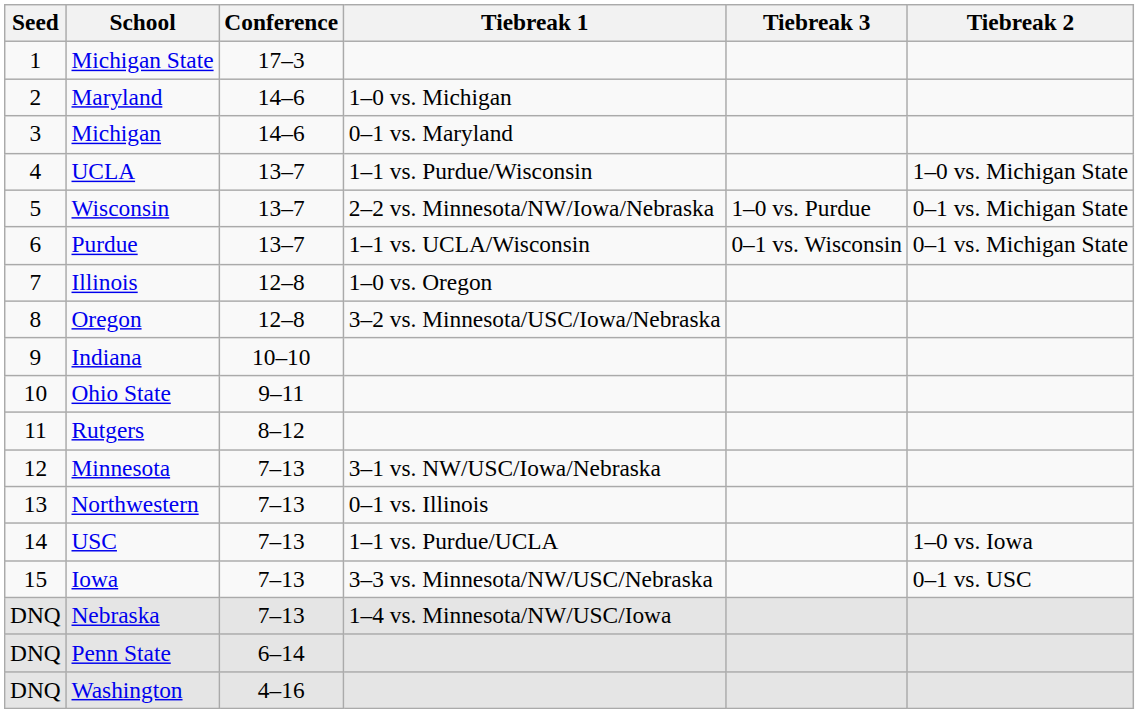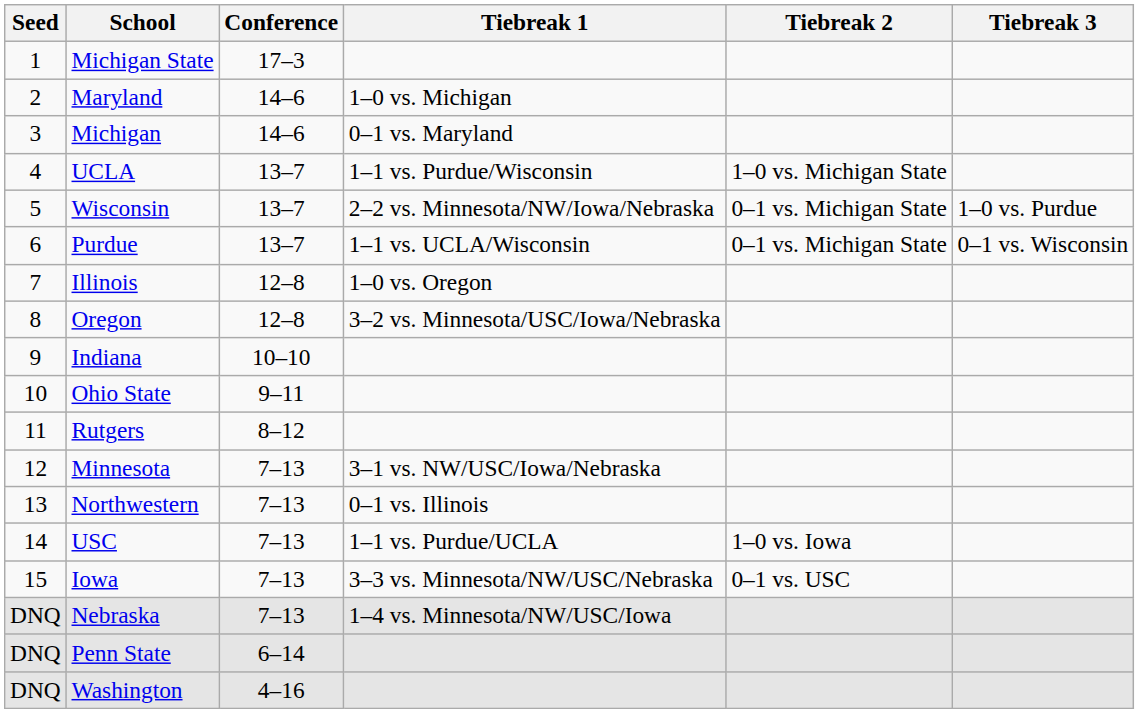 <table class="wikitable">
 <tr>
 <th>Seed</th>
 <th>School</th>
 <th>Conference</th>
 <th>Tiebreak 1</th>
+<th>Tiebreak 2</th>
 <th>Tiebreak 3</th>
-<th>Tiebreak 2</th>
 </tr>
 <tr>
 <td align=center>1</td>
 <td><a href='#'>Michigan State</a></td>
 <td align=center>17–3</td>
 <td></td>
 <td></td>
 <td></td>
 </tr>
 <tr>
 <td align=center>2</td>
 <td><a href='#'>Maryland</a></td>
 <td align=center>14–6</td>
 <td>1–0 vs. Michigan</td>
 <td></td>
 <td></td>
 </tr>
 <tr>
 <td align=center>3</td>
 <td><a href='#'>Michigan</a></td>
 <td align=center>14–6</td>
 <td>0–1 vs. Maryland</td>
 <td></td>
 <td></td>
 </tr>
 <tr>
 <td align=center>4</td>
 <td><a href='#'>UCLA</a></td>
 <td align=center>13–7</td>
 <td>1–1 vs. Purdue/Wisconsin</td>
+<td>1–0 vs. Michigan State</td>
 <td></td>
-<td>1–0 vs. Michigan State</td>
 </tr>
 <tr>
 <td align=center>5</td>
 <td><a href='#'>Wisconsin</a></td>
 <td align=center>13–7</td>
 <td>2–2 vs. Minnesota/NW/Iowa/Nebraska</td>
+<td>0–1 vs. Michigan State</td>
 <td>1–0 vs. Purdue</td>
-<td>0–1 vs. Michigan State</td>
 </tr>
 <tr>
 <td align=center>6</td>
 <td><a href='#'>Purdue</a></td>
 <td align=center>13–7</td>
 <td>1–1 vs. UCLA/Wisconsin</td>
+<td>0–1 vs. Michigan State</td>
 <td>0–1 vs. Wisconsin</td>
-<td>0–1 vs. Michigan State</td>
 </tr>
 <tr>
 <td align=center>7</td>
 <td><a href='#'>Illinois</a></td>
 <td align=center>12–8</td>
 <td>1–0 vs. Oregon</td>
 <td></td>
 <td></td>
 </tr>
 <tr>
 <td align=center>8</td>
 <td><a href='#'>Oregon</a></td>
 <td align=center>12–8</td>
 <td>3–2 vs. Minnesota/USC/Iowa/Nebraska</td>
 <td></td>
 <td></td>
 </tr>
 <tr>
 <td align=center>9</td>
 <td><a href='#'>Indiana</a></td>
 <td align=center>10–10</td>
 <td></td>
 <td></td>
 <td></td>
 </tr>
 <tr>
 <td align=center>10</td>
 <td><a href='#'>Ohio State</a></td>
 <td align=center>9–11</td>
 <td></td>
 <td></td>
 <td></td>
 </tr>
 <tr>
 <td align=center>11</td>
 <td><a href='#'>Rutgers</a></td>
 <td align=center>8–12</td>
 <td></td>
 <td></td>
 <td></td>
 </tr>
 <tr>
 <td align=center>12</td>
 <td><a href='#'>Minnesota</a></td>
 <td align=center>7–13</td>
 <td>3–1 vs. NW/USC/Iowa/Nebraska</td>
 <td></td>
 <td></td>
 </tr>
 <tr>
 <td align=center>13</td>
 <td><a href='#'>Northwestern</a></td>
 <td align=center>7–13</td>
 <td>0–1 vs. Illinois</td>
 <td></td>
 <td></td>
 </tr>
 <tr>
 <td align=center>14</td>
 <td><a href='#'>USC</a></td>
 <td align=center>7–13</td>
 <td>1–1 vs. Purdue/UCLA</td>
+<td>1–0 vs. Iowa</td>
 <td></td>
-<td>1–0 vs. Iowa</td>
 </tr>
 <tr>
 <td align=center>15</td>
 <td><a href='#'>Iowa</a></td>
 <td align=center>7–13</td>
 <td>3–3 vs. Minnesota/NW/USC/Nebraska</td>
+<td>0–1 vs. USC</td>
 <td></td>
-<td>0–1 vs. USC</td>
 </tr>
 <tr style="background-color: #E5E5E5;">
 <td align=center>DNQ</td>
 <td><a href='#'>Nebraska</a></td>
 <td align=center>7–13</td>
 <td>1–4 vs. Minnesota/NW/USC/Iowa</td>
 <td></td>
 <td></td>
 </tr>
 <tr style="background-color: #E5E5E5;">
 <td align=center>DNQ</td>
 <td><a href='#'>Penn State</a></td>
 <td align=center>6–14</td>
 <td></td>
 <td></td>
 <td></td>
 </tr>
 <tr style="background-color: #E5E5E5;">
 <td align=center>DNQ</td>
 <td><a href='#'>Washington</a></td>
 <td align=center>4–16</td>
 <td></td>
 <td></td>
 <td></td>
 </tr>
 </table>
